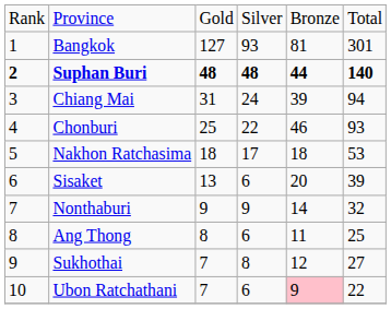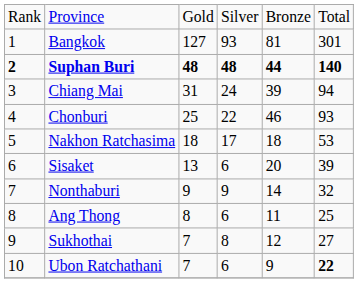 <table class="wikitable">
 <tr>
 <td>Rank</td>
 <td><a href='#'>Province</a></td>
 <td>Gold</td>
 <td>Silver</td>
 <td>Bronze</td>
 <td>Total</td>
 </tr>
 <tr>
 <td>1</td>
 <td><a href='#'>Bangkok</a></td>
 <td>127</td>
 <td>93</td>
 <td>81</td>
 <td>301</td>
 </tr>
 <tr>
 <td><strong>2</strong></td>
 <td><strong><a href='#'>Suphan Buri</a></strong></td>
 <td><strong>48</strong></td>
 <td><strong>48</strong></td>
 <td><strong>44</strong></td>
 <td><strong>140</strong></td>
 </tr>
 <tr>
 <td>3</td>
 <td><a href='#'>Chiang Mai</a></td>
 <td>31</td>
 <td>24</td>
 <td>39</td>
 <td>94</td>
 </tr>
 <tr>
 <td>4</td>
 <td><a href='#'>Chonburi</a></td>
 <td>25</td>
 <td>22</td>
 <td>46</td>
 <td>93</td>
 </tr>
 <tr>
 <td>5</td>
 <td><a href='#'>Nakhon Ratchasima</a></td>
 <td>18</td>
 <td>17</td>
 <td>18</td>
 <td>53</td>
 </tr>
 <tr>
 <td>6</td>
 <td><a href='#'>Sisaket</a></td>
 <td>13</td>
 <td>6</td>
 <td>20</td>
 <td>39</td>
 </tr>
 <tr>
 <td>7</td>
 <td><a href='#'>Nonthaburi</a></td>
 <td>9</td>
 <td>9</td>
 <td>14</td>
 <td>32</td>
 </tr>
 <tr>
 <td>8</td>
 <td><a href='#'>Ang Thong</a></td>
 <td>8</td>
 <td>6</td>
 <td>11</td>
 <td>25</td>
 </tr>
 <tr>
 <td>9</td>
 <td><a href='#'>Sukhothai</a></td>
 <td>7</td>
 <td>8</td>
 <td>12</td>
 <td>27</td>
 </tr>
 <tr>
 <td>10</td>
 <td><a href='#'>Ubon Ratchathani</a></td>
 <td>7</td>
 <td>6</td>
-<td style="background: pink;">9</td>
-<td>22</td>
+<td>9</td>
+<td><strong>22</strong></td>
 </tr>
 <tr>
 </tr>
 </table>
